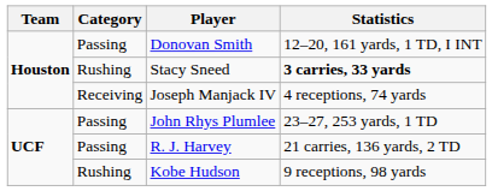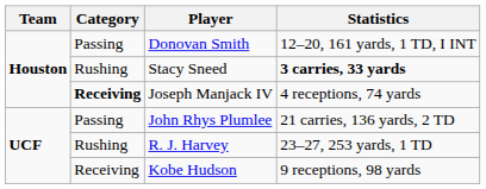 <table class="wikitable" style="float: right;">
 <tr>
 <th>Team</th>
 <th>Category</th>
 <th>Player</th>
 <th>Statistics</th>
 </tr>
 <tr>
 <td rowspan=3><strong>Houston</strong></td>
 <td>Passing</td>
 <td><a href='#'>Donovan Smith</a></td>
 <td>12–20, 161 yards, 1 TD, I INT</td>
 </tr>
 <tr>
 <td>Rushing</td>
 <td>Stacy Sneed</td>
 <td><strong>3 carries, 33 yards</strong></td>
 </tr>
 <tr>
-<td>Receiving</td>
+<td><strong>Receiving</strong></td>
 <td>Joseph Manjack IV</td>
 <td>4 receptions, 74 yards</td>
 </tr>
 <tr>
 <td rowspan=3><strong>UCF</strong></td>
 <td>Passing</td>
 <td><a href='#'>John Rhys Plumlee</a></td>
-<td>23–27, 253 yards, 1 TD</td>
-</tr>
-<tr>
-<td>Passing</td>
-<td><a href='#'>R. J. Harvey</a></td>
 <td>21 carries, 136 yards, 2 TD</td>
 </tr>
 <tr>
 <td>Rushing</td>
+<td><a href='#'>R. J. Harvey</a></td>
+<td>23–27, 253 yards, 1 TD</td>
+</tr>
+<tr>
+<td>Receiving</td>
 <td><a href='#'>Kobe Hudson</a></td>
 <td>9 receptions, 98 yards</td>
 </tr>
 </table>
